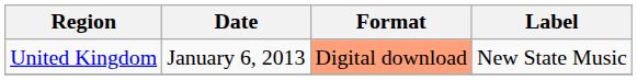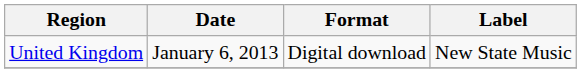 <table class=wikitable>
 <tr>
 <th>Region</th>
 <th>Date</th>
 <th>Format</th>
 <th>Label</th>
 </tr>
 <tr>
 <td><a href='#'>United Kingdom</a></td>
 <td>January 6, 2013</td>
-<td style="background: lightsalmon;">Digital download</td>
+<td>Digital download</td>
 <td>New State Music</td>
 </tr>
 <tr>
 </tr>
 </table>
